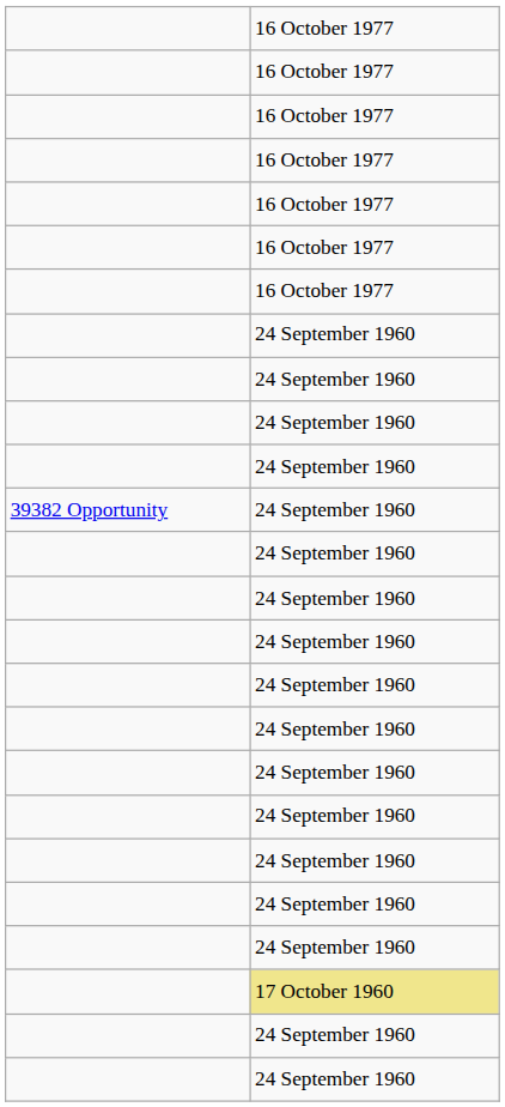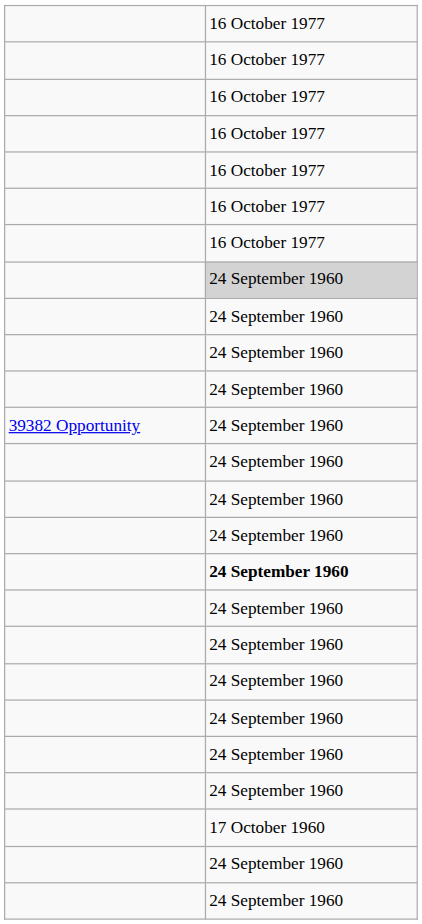 <table class="wikitable" style="font-size: 89%; float: left; width: 24em; margin-right: 1em; line-height: 1.65em">
 <tr>
 <td></td>
 <td>16 October 1977</td>
 </tr>
 <tr>
 <td></td>
 <td>16 October 1977</td>
 </tr>
 <tr>
 <td></td>
 <td>16 October 1977</td>
 </tr>
 <tr>
 <td></td>
 <td>16 October 1977</td>
 </tr>
 <tr>
 <td></td>
 <td>16 October 1977</td>
 </tr>
 <tr>
 <td></td>
 <td>16 October 1977</td>
 </tr>
 <tr>
 <td></td>
 <td>16 October 1977</td>
 </tr>
 <tr>
 <td></td>
-<td>24 September 1960</td>
+<td style="background: lightgrey;">24 September 1960</td>
 </tr>
 <tr>
 <td></td>
 <td>24 September 1960</td>
 </tr>
 <tr>
 <td></td>
 <td>24 September 1960</td>
 </tr>
 <tr>
 <td></td>
 <td>24 September 1960</td>
 </tr>
 <tr>
 <td><a href='#'>39382 Opportunity</a></td>
 <td>24 September 1960</td>
 </tr>
 <tr>
 <td></td>
 <td>24 September 1960</td>
 </tr>
 <tr>
 <td></td>
 <td>24 September 1960</td>
 </tr>
 <tr>
 <td></td>
 <td>24 September 1960</td>
 </tr>
 <tr>
 <td></td>
-<td>24 September 1960</td>
+<td><strong>24 September 1960</strong></td>
 </tr>
 <tr>
 <td></td>
 <td>24 September 1960</td>
 </tr>
 <tr>
 <td></td>
 <td>24 September 1960</td>
 </tr>
 <tr>
 <td></td>
 <td>24 September 1960</td>
 </tr>
 <tr>
 <td></td>
 <td>24 September 1960</td>
 </tr>
 <tr>
 <td></td>
 <td>24 September 1960</td>
 </tr>
 <tr>
 <td></td>
 <td>24 September 1960</td>
 </tr>
 <tr>
 <td></td>
-<td style="background: khaki;">17 October 1960</td>
+<td>17 October 1960</td>
 </tr>
 <tr>
 <td></td>
 <td>24 September 1960</td>
 </tr>
 <tr>
 <td></td>
 <td>24 September 1960</td>
 </tr>
 </table>
